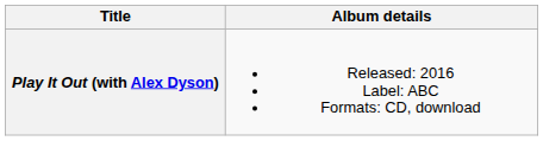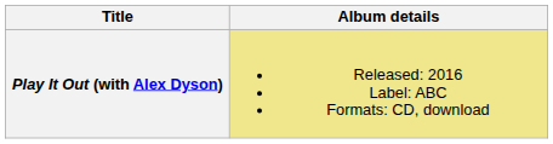 <table class="wikitable plainrowheaders" style="text-align:center;">
 <tr>
 <th scope="col" rowspan="1" style="width:14em;">Title</th>
 <th scope="col" rowspan="1" style="width:20em;">Album details</th>
 </tr>
 <tr>
 <th scope="row"><em>Play It Out</em> (with <a href='#'>Alex Dyson</a>)</th>
-<td><br><ul><li>Released: 2016</li><li>Label: ABC</li><li>Formats: CD, download</li></ul></td>
+<td style="background: khaki;"><br><ul><li>Released: 2016</li><li>Label: ABC</li><li>Formats: CD, download</li></ul></td>
 </tr>
 </table>
